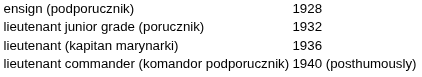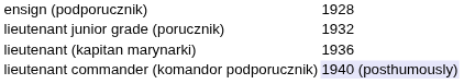 <table>
 <tr>
 <td> ensign (podporucznik)</td>
 <td>1928</td>
 </tr>
 <tr>
 <td> lieutenant junior grade (porucznik)</td>
 <td>1932</td>
 </tr>
 <tr>
 <td> lieutenant (kapitan marynarki)</td>
 <td>1936</td>
 </tr>
 <tr>
 <td> lieutenant commander (komandor podporucznik)</td>
-<td>1940 (posthumously)</td>
+<td style="background: lavender;">1940 (posthumously)</td>
 </tr>
 </table>
